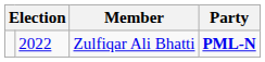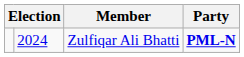 <table class="wikitable">
 <tr>
 <th colspan="2">Election</th>
 <th>Member</th>
 <th>Party</th>
 </tr>
 <tr>
 <td style="background-color: "></td>
-<td><a href='#'>2022</a></td>
+<td><a href='#'>2024</a></td>
 <td><a href='#'>Zulfiqar Ali Bhatti</a></td>
 <td><strong><a href='#'>PML-N</a></strong></td>
 </tr>
 </table>
